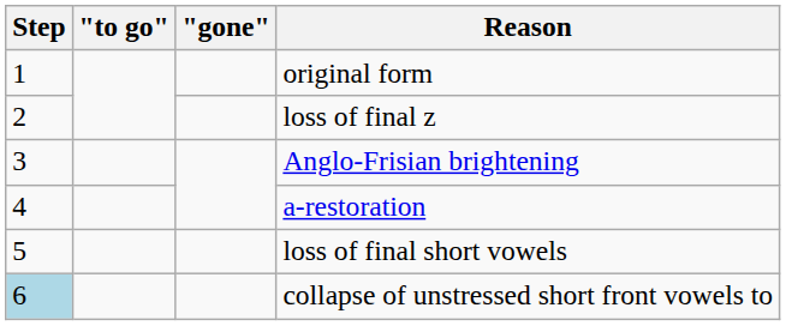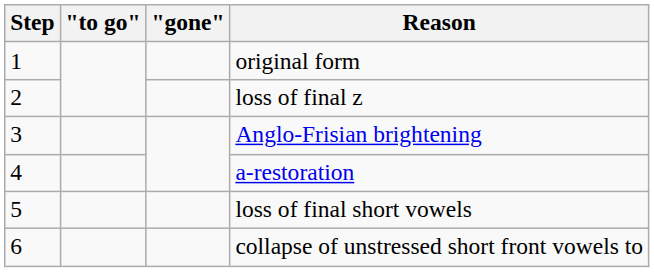 <table class="wikitable">
 <tr>
 <th>Step</th>
 <th>"to go"</th>
 <th>"gone"</th>
 <th>Reason</th>
 </tr>
 <tr>
 <td>1</td>
 <td rowspan="2"></td>
 <td></td>
 <td>original form</td>
 </tr>
 <tr>
 <td>2</td>
 <td></td>
 <td>loss of final z</td>
 </tr>
 <tr>
 <td>3</td>
 <td></td>
 <td rowspan="2"></td>
 <td><a href='#'>Anglo-Frisian brightening</a></td>
 </tr>
 <tr>
 <td>4</td>
 <td></td>
 <td><a href='#'>a-restoration</a></td>
 </tr>
 <tr>
 <td>5</td>
 <td></td>
 <td></td>
 <td>loss of final short vowels</td>
 </tr>
 <tr>
-<td style="background: lightblue;">6</td>
+<td>6</td>
 <td></td>
 <td></td>
 <td>collapse of unstressed short front vowels to </td>
 </tr>
 </table>
